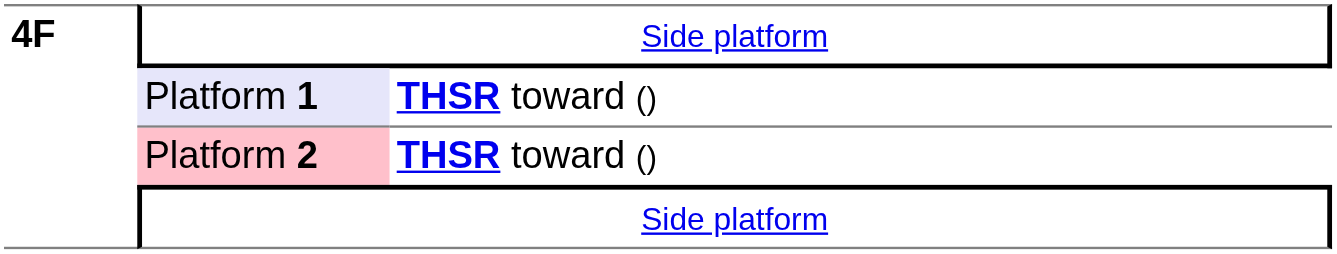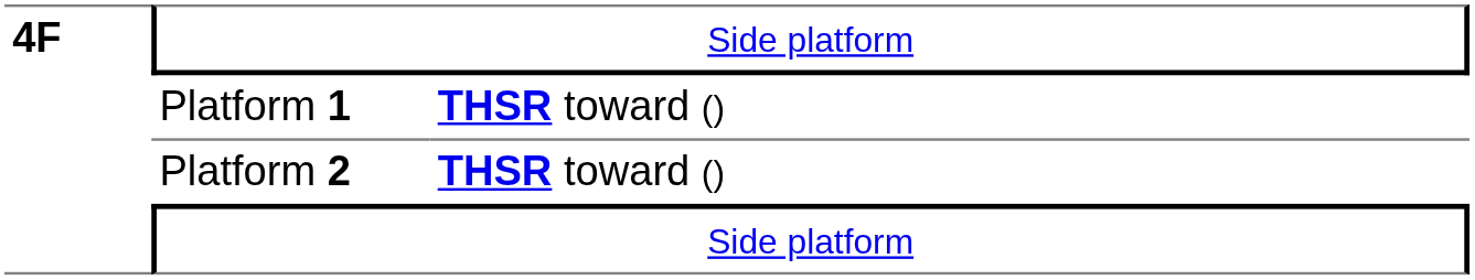 <table table border=0 cellspacing=0 cellpadding=3>
 <tr>
 <td style="border-bottom:solid 1px gray;border-top:solid 1px gray;" rowspan=38 valign=top  width=50><strong>4F</strong></td>
 </tr>
 <tr>
 <td style="border-right:solid 2px black;border-left:solid 2px black;border-bottom:solid 2px black;border-top:solid 1px gray;text-align:center;" colspan=2 width=50><small><a href='#'>Side platform</a></small></td>
 </tr>
 <tr>
-<td style="background: lavender; border-bottom:solid 1px gray;" width=100>Platform <span><strong>1</strong></span></td>
+<td style="border-bottom:solid 1px gray;" width=100>Platform <span><strong>1</strong></span></td>
 <td style="border-bottom:solid 1px gray;" width=390><strong><a href='#'><span>THSR</span></a></strong> toward  <small>()</small></td>
 </tr>
 <tr>
-<td style="background: pink;">Platform <span><strong>2</strong></span></td>
+<td>Platform <span><strong>2</strong></span></td>
 <td><strong><a href='#'><span>THSR</span></a></strong> toward  <small>()</small></td>
 </tr>
 <tr>
 <td style="border-top:solid 2px black;border-right:solid 2px black;border-left:solid 2px black;border-bottom:solid 1px gray;text-align:center;" colspan=2><small><a href='#'>Side platform</a></small></td>
 </tr>
 </table>
